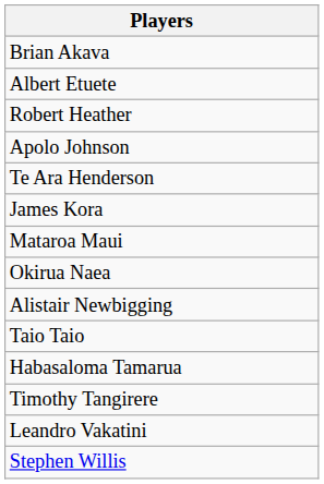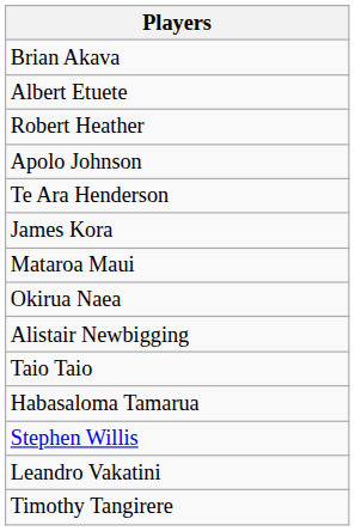 <table class="wikitable" style="width:20%">
 <tr>
 <th>Players</th>
 </tr>
 <tr>
 <td>Brian Akava</td>
 </tr>
 <tr>
 <td>Albert Etuete</td>
 </tr>
 <tr>
 <td>Robert Heather</td>
 </tr>
 <tr>
 <td>Apolo Johnson</td>
 </tr>
 <tr>
 <td>Te Ara Henderson</td>
 </tr>
 <tr>
 <td>James Kora</td>
 </tr>
 <tr>
 <td>Mataroa Maui</td>
 </tr>
 <tr>
 <td>Okirua Naea</td>
 </tr>
 <tr>
 <td>Alistair Newbigging</td>
 </tr>
 <tr>
 <td>Taio Taio</td>
 </tr>
 <tr>
 <td>Habasaloma Tamarua</td>
 </tr>
 <tr>
-<td>Timothy Tangirere</td>
+<td><a href='#'>Stephen Willis</a></td>
 </tr>
 <tr>
 <td>Leandro Vakatini</td>
 </tr>
 <tr>
-<td><a href='#'>Stephen Willis</a></td>
+<td>Timothy Tangirere</td>
 </tr>
 </table>
